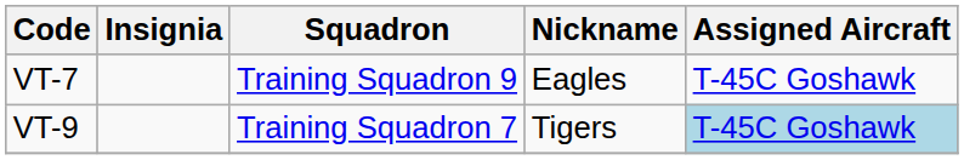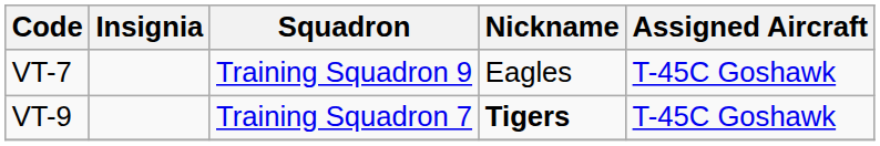 <table class="wikitable sortable">
 <tr>
 <th>Code</th>
 <th>Insignia</th>
 <th>Squadron</th>
 <th>Nickname</th>
 <th>Assigned Aircraft</th>
 </tr>
 <tr>
 <td>VT-7</td>
 <td></td>
 <td><a href='#'>Training Squadron 9</a></td>
 <td>Eagles</td>
 <td><a href='#'>T-45C Goshawk</a></td>
 </tr>
 <tr>
 <td>VT-9</td>
 <td></td>
 <td><a href='#'>Training Squadron 7</a></td>
-<td>Tigers</td>
-<td style="background: lightblue;"><a href='#'>T-45C Goshawk</a></td>
+<td><strong>Tigers</strong></td>
+<td><a href='#'>T-45C Goshawk</a></td>
 </tr>
 <tr>
 </tr>
 </table>
